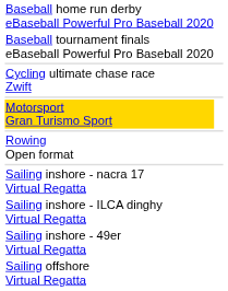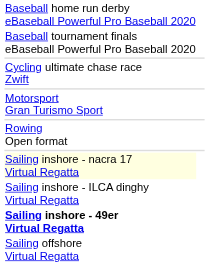 <table>
 <tr>
 <td><a href='#'>Baseball</a> home run derby<br><span><a href='#'>eBaseball Powerful Pro Baseball 2020</a></span></td>
 <td></td>
 <td></td>
 <td></td>
 </tr>
 <tr>
 <td><a href='#'>Baseball</a> tournament finals<br><span>eBaseball Powerful Pro Baseball 2020</span></td>
 <td></td>
 <td></td>
 <td></td>
 </tr>
 <tr bgcolor=#DDDDDD>
 <td colspan=7></td>
 </tr>
 <tr>
 <td><a href='#'>Cycling</a> ultimate chase race<br><span><a href='#'>Zwift</a></span></td>
 <td></td>
 <td></td>
 <td></td>
 </tr>
 <tr bgcolor=#DDDDDD>
 <td colspan=7></td>
 </tr>
 <tr>
-<td style="background: gold;"><a href='#'>Motorsport</a><br><span><a href='#'>Gran Turismo Sport</a></span></td>
+<td><a href='#'>Motorsport</a><br><span><a href='#'>Gran Turismo Sport</a></span></td>
 <td></td>
 <td></td>
 <td></td>
 </tr>
 <tr bgcolor=#DDDDDD>
 <td colspan=7></td>
 </tr>
 <tr>
 <td><a href='#'>Rowing</a><br><span>Open format</span></td>
 <td></td>
 <td></td>
 <td></td>
 </tr>
 <tr bgcolor=#DDDDDD>
 <td colspan=7></td>
 </tr>
 <tr>
-<td><a href='#'>Sailing</a> inshore - nacra 17<br><span><a href='#'>Virtual Regatta</a></span></td>
+<td style="background: lightyellow;"><a href='#'>Sailing</a> inshore - nacra 17<br><span><a href='#'>Virtual Regatta</a></span></td>
 <td></td>
 <td></td>
 <td></td>
 </tr>
 <tr>
 <td><a href='#'>Sailing</a> inshore - ILCA dinghy<br><span><a href='#'>Virtual Regatta</a></span></td>
 <td></td>
 <td></td>
 <td></td>
 </tr>
 <tr>
-<td><a href='#'>Sailing</a> inshore - 49er<br><span><a href='#'>Virtual Regatta</a></span></td>
+<td><strong><a href='#'>Sailing</a> inshore - 49er<br><span><a href='#'>Virtual Regatta</a></span></strong></td>
 <td></td>
 <td></td>
 <td></td>
 </tr>
 <tr>
 <td><a href='#'>Sailing</a> offshore<br><span><a href='#'>Virtual Regatta</a></span></td>
 <td></td>
 <td></td>
 <td></td>
 </tr>
 </table>
